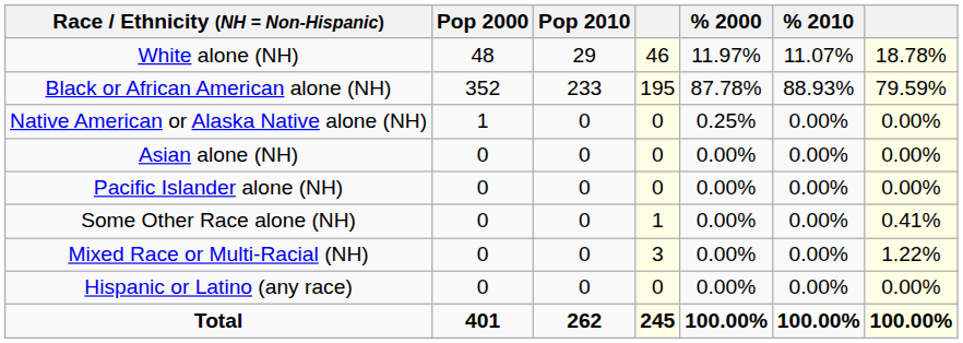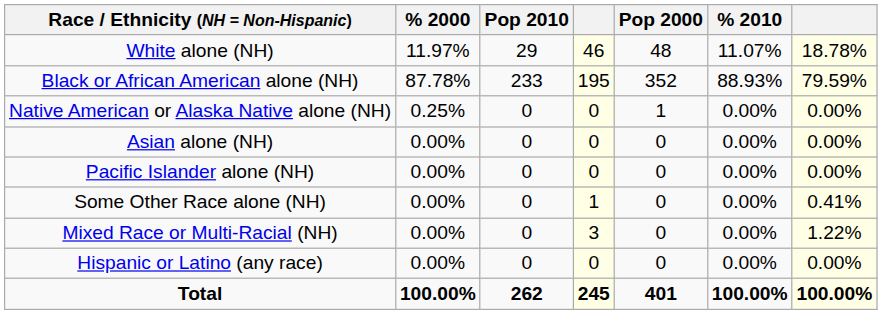 <table class="wikitable" style="text-align:center;">
 <tr>
 <th>Race / Ethnicity <small>(<em>NH = Non-Hispanic</em>)</small></th>
-<th>Pop 2000</th>
+<th>% 2000</th>
 <th>Pop 2010</th>
 <th></th>
-<th>% 2000</th>
+<th>Pop 2000</th>
 <th>% 2010</th>
 <th></th>
 </tr>
 <tr>
 <td><a href='#'>White</a> alone (NH)</td>
-<td>48</td>
+<td>11.97%</td>
 <td>29</td>
 <td style='background: #ffffe6;'>46</td>
-<td>11.97%</td>
+<td>48</td>
 <td>11.07%</td>
 <td style='background: #ffffe6;'>18.78%</td>
 </tr>
 <tr>
 <td><a href='#'>Black or African American</a> alone (NH)</td>
-<td>352</td>
+<td>87.78%</td>
 <td>233</td>
 <td style='background: #ffffe6;'>195</td>
-<td>87.78%</td>
+<td>352</td>
 <td>88.93%</td>
 <td style='background: #ffffe6;'>79.59%</td>
 </tr>
 <tr>
 <td><a href='#'>Native American</a> or <a href='#'>Alaska Native</a> alone (NH)</td>
-<td>1</td>
+<td>0.25%</td>
 <td>0</td>
 <td style='background: #ffffe6;'>0</td>
-<td>0.25%</td>
+<td>1</td>
 <td>0.00%</td>
 <td style='background: #ffffe6;'>0.00%</td>
 </tr>
 <tr>
 <td><a href='#'>Asian</a> alone (NH)</td>
-<td>0</td>
+<td>0.00%</td>
 <td>0</td>
 <td style='background: #ffffe6;'>0</td>
-<td>0.00%</td>
+<td>0</td>
 <td>0.00%</td>
 <td style='background: #ffffe6;'>0.00%</td>
 </tr>
 <tr>
 <td><a href='#'>Pacific Islander</a> alone (NH)</td>
-<td>0</td>
+<td>0.00%</td>
 <td>0</td>
 <td style='background: #ffffe6;'>0</td>
-<td>0.00%</td>
+<td>0</td>
 <td>0.00%</td>
 <td style='background: #ffffe6;'>0.00%</td>
 </tr>
 <tr>
 <td>Some Other Race alone (NH)</td>
-<td>0</td>
+<td>0.00%</td>
 <td>0</td>
 <td style='background: #ffffe6;'>1</td>
-<td>0.00%</td>
+<td>0</td>
 <td>0.00%</td>
 <td style='background: #ffffe6;'>0.41%</td>
 </tr>
 <tr>
 <td><a href='#'>Mixed Race or Multi-Racial</a> (NH)</td>
-<td>0</td>
+<td>0.00%</td>
 <td>0</td>
 <td style='background: #ffffe6;'>3</td>
-<td>0.00%</td>
+<td>0</td>
 <td>0.00%</td>
 <td style='background: #ffffe6;'>1.22%</td>
 </tr>
 <tr>
 <td><a href='#'>Hispanic or Latino</a> (any race)</td>
-<td>0</td>
+<td>0.00%</td>
 <td>0</td>
 <td style='background: #ffffe6;'>0</td>
-<td>0.00%</td>
+<td>0</td>
 <td>0.00%</td>
 <td style='background: #ffffe6;'>0.00%</td>
 </tr>
 <tr>
 <td><strong>Total</strong></td>
-<td><strong>401</strong></td>
+<td><strong>100.00%</strong></td>
 <td><strong>262</strong></td>
 <td style='background: #ffffe6;'><strong>245</strong></td>
-<td><strong>100.00%</strong></td>
+<td><strong>401</strong></td>
 <td><strong>100.00%</strong></td>
 <td style='background: #ffffe6;'><strong>100.00%</strong></td>
 </tr>
 </table>
